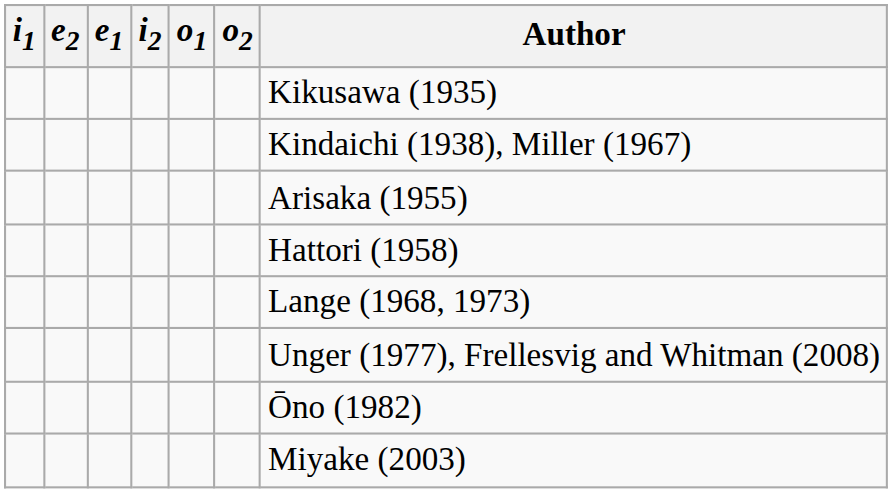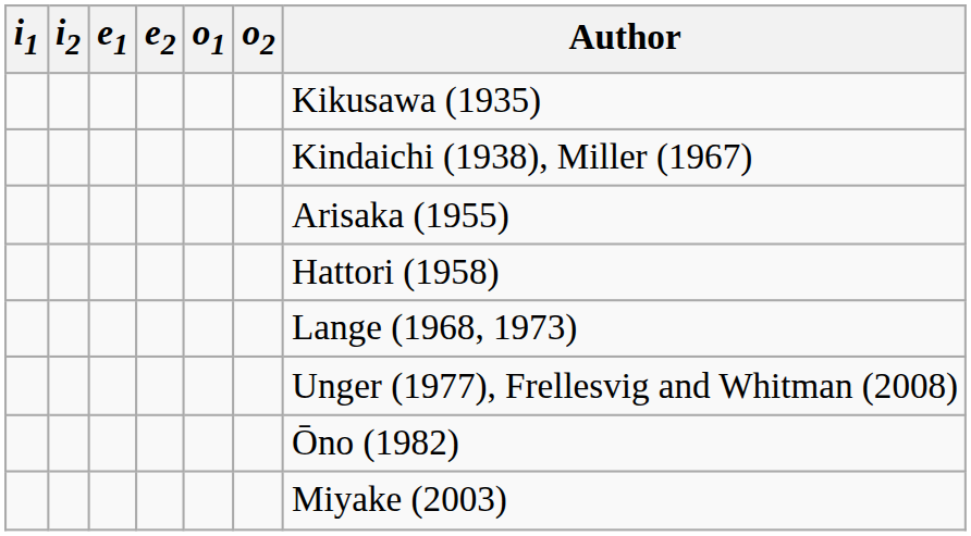 <table class="wikitable">
 <tr>
 <th><em>i<sub>1</sub></em></th>
+<th><em>i<sub>2</sub></em></th>
+<th><em>e<sub>1</sub></em></th>
 <th><em>e<sub>2</sub></em></th>
-<th><em>e<sub>1</sub></em></th>
-<th><em>i<sub>2</sub></em></th>
 <th><em>o<sub>1</sub></em></th>
 <th><em>o<sub>2</sub></em></th>
 <th>Author</th>
 </tr>
 <tr>
 <td></td>
 <td></td>
 <td></td>
 <td></td>
 <td></td>
 <td></td>
 <td>Kikusawa (1935)</td>
 </tr>
 <tr>
 <td></td>
 <td></td>
 <td></td>
 <td></td>
 <td></td>
 <td></td>
 <td>Kindaichi (1938), Miller (1967)</td>
 </tr>
 <tr>
 <td></td>
 <td></td>
 <td></td>
 <td></td>
 <td></td>
 <td></td>
 <td>Arisaka (1955)</td>
 </tr>
 <tr>
 <td></td>
 <td></td>
 <td></td>
 <td></td>
 <td></td>
 <td></td>
 <td>Hattori (1958)</td>
 </tr>
 <tr>
 <td></td>
 <td></td>
 <td></td>
 <td></td>
 <td></td>
 <td></td>
 <td>Lange (1968, 1973)</td>
 </tr>
 <tr>
 <td></td>
 <td></td>
 <td></td>
 <td></td>
 <td></td>
 <td></td>
 <td>Unger (1977), Frellesvig and Whitman (2008)</td>
 </tr>
 <tr>
 <td></td>
 <td></td>
 <td></td>
 <td></td>
 <td></td>
 <td></td>
 <td>Ōno (1982)</td>
 </tr>
 <tr>
 <td></td>
 <td></td>
 <td></td>
 <td></td>
 <td></td>
 <td></td>
 <td>Miyake (2003)</td>
 </tr>
 </table>
